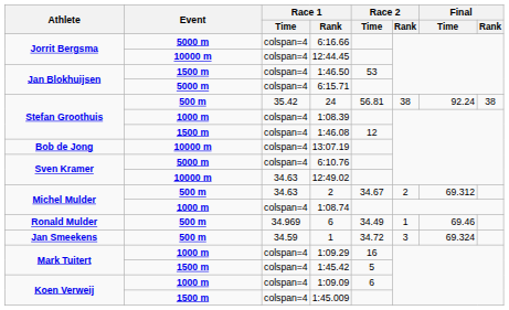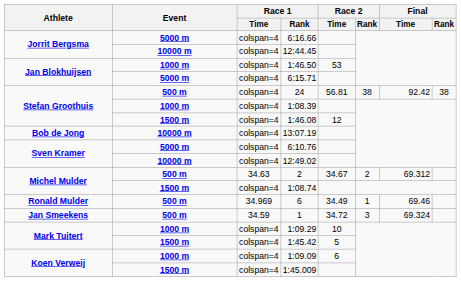 <table class="wikitable plainrowheaders" style="text-align: center;font-size:90%">
 <tr>
 <th scope="col" rowspan="2" style="width:12em;">Athlete</th>
 <th scope="col" rowspan="2" style="width:14em;">Event</th>
 <th scope="col" colspan=2>Race 1</th>
 <th scope="col" colspan=2>Race 2</th>
 <th scope="col" colspan=2>Final</th>
 </tr>
 <tr style="font-size:95%">
 <th scope="col" style="width:4em;">Time</th>
 <th scope="col" style="width:2em;">Rank</th>
 <th scope="col" style="width:4em;">Time</th>
 <th scope="col" style="width:2em;">Rank</th>
 <th scope="col" style="width:6em;">Time</th>
 <th scope="col" style="width:2em;">Rank</th>
 </tr>
 <tr>
 <th scope="row" style="background-color:transparent" rowspan=2><strong><a href='#'>Jorrit Bergsma</a></strong></th>
 <th scope="row" style="background-color:transparent"><a href='#'>5000 m</a></th>
 <td>colspan=4 </td>
 <td style="text-align:right">6:16.66</td>
 <td></td>
 </tr>
 <tr>
 <th scope="row" style="background-color:transparent"><a href='#'>10000 m</a></th>
 <td>colspan=4 </td>
 <td style="text-align:right"> 12:44.45</td>
 <td></td>
 </tr>
 <tr>
 <th scope="row" style="background-color:transparent" rowspan=2><strong><a href='#'>Jan Blokhuijsen</a></strong></th>
-<th scope="row" style="background-color:transparent"><a href='#'>1500 m</a></th>
+<th scope="row" style="background-color:transparent"><a href='#'>1000 m</a></th>
 <td>colspan=4 </td>
 <td style="text-align:right">1:46.50</td>
 <td>53</td>
 </tr>
 <tr>
 <th scope="row" style="background-color:transparent"><a href='#'>5000 m</a></th>
 <td>colspan=4 </td>
 <td style="text-align:right">6:15.71</td>
 <td></td>
 </tr>
 <tr>
 <th scope="row" style="background-color:transparent" rowspan=3><strong><a href='#'>Stefan Groothuis</a></strong></th>
 <th scope="row" style="background-color:transparent"><a href='#'>500 m</a></th>
-<td>35.42</td>
+<td>colspan=4 </td>
 <td>24</td>
 <td>56.81</td>
 <td>38</td>
-<td style="text-align:right">92.24</td>
+<td style="text-align:right">92.42</td>
 <td>38</td>
 </tr>
 <tr>
 <th scope="row" style="background-color:transparent"><a href='#'>1000 m</a></th>
 <td>colspan=4 </td>
 <td style="text-align:right">1:08.39</td>
 <td></td>
 </tr>
 <tr>
 <th scope="row" style="background-color:transparent"><a href='#'>1500 m</a></th>
 <td>colspan=4 </td>
 <td style="text-align:right">1:46.08</td>
 <td>12</td>
 </tr>
 <tr>
 <th scope="row" style="background-color:transparent"><strong><a href='#'>Bob de Jong</a></strong></th>
 <th scope="row" style="background-color:transparent"><a href='#'>10000 m</a></th>
 <td>colspan=4 </td>
 <td style="text-align:right">13:07.19</td>
 <td></td>
 </tr>
 <tr>
 <th scope="row" style="background-color:transparent" rowspan=2><strong><a href='#'>Sven Kramer</a></strong></th>
 <th scope="row" style="background-color:transparent"><a href='#'>5000 m</a></th>
 <td>colspan=4 </td>
 <td style="text-align:right"> 6:10.76</td>
 <td></td>
 </tr>
 <tr>
 <th scope="row" style="background-color:transparent"><a href='#'>10000 m</a></th>
-<td>34.63</td>
+<td>colspan=4 </td>
 <td style="text-align:right">12:49.02</td>
 <td></td>
 </tr>
 <tr>
 <th scope="row" style="background-color:transparent" rowspan=2><strong><a href='#'>Michel Mulder</a></strong></th>
 <th scope="row" style="background-color:transparent"><a href='#'>500 m</a></th>
 <td>34.63</td>
 <td>2</td>
 <td>34.67</td>
 <td>2</td>
 <td style="text-align:right">69.312</td>
 <td></td>
 </tr>
 <tr>
-<th scope="row" style="background-color:transparent"><a href='#'>1000 m</a></th>
+<th scope="row" style="background-color:transparent"><a href='#'>1500 m</a></th>
 <td>colspan=4 </td>
 <td style="text-align:right">1:08.74</td>
 <td></td>
 </tr>
 <tr>
 <th scope="row" style="background-color:transparent"><strong><a href='#'>Ronald Mulder</a></strong></th>
 <th scope="row" style="background-color:transparent"><a href='#'>500 m</a></th>
 <td>34.969</td>
 <td>6</td>
 <td>34.49</td>
 <td>1</td>
 <td style="text-align:right">69.46</td>
 <td></td>
 </tr>
 <tr>
 <th scope="row" style="background-color:transparent"><strong><a href='#'>Jan Smeekens</a></strong></th>
 <th scope="row" style="background-color:transparent"><a href='#'>500 m</a></th>
 <td>34.59</td>
 <td>1</td>
 <td>34.72</td>
 <td>3</td>
 <td style="text-align:right">69.324</td>
 <td></td>
 </tr>
 <tr>
 <th scope="row" style="background-color:transparent" rowspan=2><a href='#'>Mark Tuitert</a></th>
 <th scope="row" style="background-color:transparent"><a href='#'>1000 m</a></th>
 <td>colspan=4 </td>
 <td style="text-align:right">1:09.29</td>
-<td>16</td>
+<td>10</td>
 </tr>
 <tr>
 <th scope="row" style="background-color:transparent"><a href='#'>1500 m</a></th>
 <td>colspan=4 </td>
 <td style="text-align:right">1:45.42</td>
 <td>5</td>
 </tr>
 <tr>
 <th scope="row" style="background-color:transparent" rowspan=2><strong><a href='#'>Koen Verweij</a></strong></th>
 <th scope="row" style="background-color:transparent"><a href='#'>1000 m</a></th>
 <td>colspan=4 </td>
 <td style="text-align:right">1:09.09</td>
 <td>6</td>
 </tr>
 <tr>
 <th scope="row" style="background-color:transparent"><a href='#'>1500 m</a></th>
 <td>colspan=4 </td>
 <td style="text-align:right">1:45.009</td>
 <td></td>
 </tr>
 </table>
